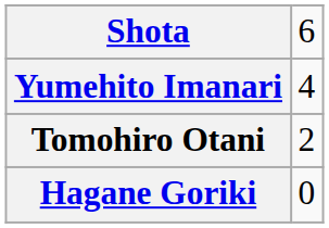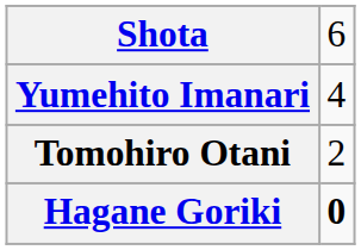 <table class="wikitable" style="margin: 1em auto 1em auto;text-align:center">
 <tr>
 <th><a href='#'>Shota</a></th>
 <td>6</td>
 </tr>
 <tr>
 <th><a href='#'>Yumehito Imanari</a></th>
 <td>4</td>
 </tr>
 <tr>
 <th>Tomohiro Otani</th>
 <td>2</td>
 </tr>
 <tr>
 <th><a href='#'>Hagane Goriki</a></th>
-<td>0</td>
+<td><strong>0</strong></td>
 </tr>
 </table>
